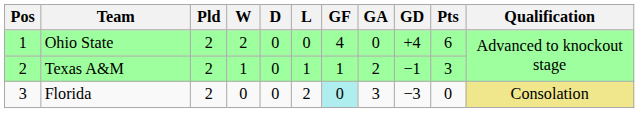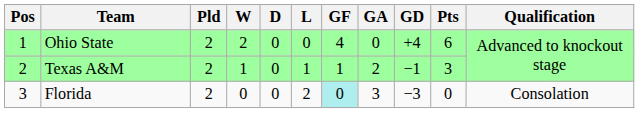 <table class="wikitable" style="text-align:center; margin: 1em auto">
 <tr>
 <th style="width:2em">Pos</th>
 <th style="width:13em">Team</th>
 <th style="width:2em">Pld</th>
 <th style="width:2em">W</th>
 <th style="width:2em">D</th>
 <th style="width:2em">L</th>
 <th style="width:2em">GF</th>
 <th style="width:2em">GA</th>
 <th style="width:2em">GD</th>
 <th style="width:2em">Pts</th>
 <th style="width:13em">Qualification</th>
 </tr>
 <tr bgcolor="#9eff9e">
 <td>1</td>
 <td style="text-align:left">Ohio State</td>
 <td>2</td>
 <td>2</td>
 <td>0</td>
 <td>0</td>
 <td>4</td>
 <td>0</td>
 <td>+4</td>
 <td>6</td>
 <td rowspan="2">Advanced to knockout stage</td>
 </tr>
 <tr bgcolor="#9eff9e">
 <td>2</td>
 <td style="text-align:left">Texas A&M</td>
 <td>2</td>
 <td>1</td>
 <td>0</td>
 <td>1</td>
 <td>1</td>
 <td>2</td>
 <td>−1</td>
 <td>3</td>
 </tr>
 <tr>
 <td>3</td>
 <td style="text-align:left">Florida</td>
 <td>2</td>
 <td>0</td>
 <td>0</td>
 <td>2</td>
 <td style="background: paleturquoise;">0</td>
 <td>3</td>
 <td>−3</td>
 <td>0</td>
-<td style="background: khaki;">Consolation</td>
+<td>Consolation</td>
 </tr>
 </table>
